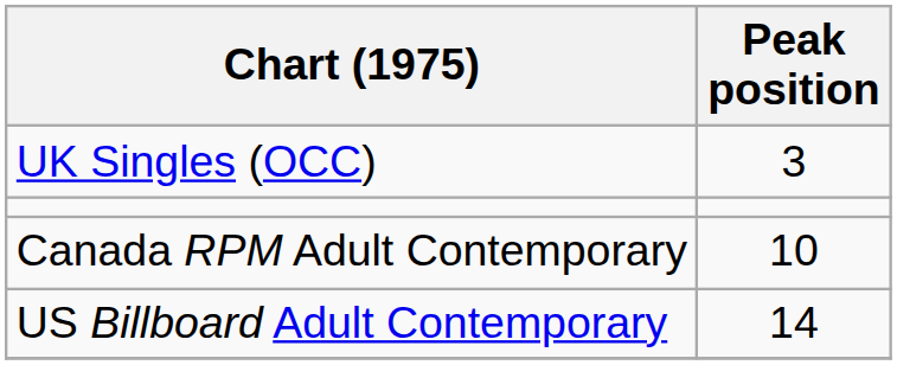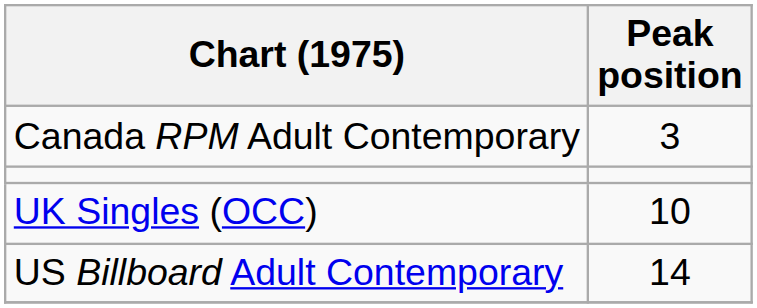 <table class="wikitable">
 <tr>
 <th>Chart (1975)</th>
 <th>Peak<br>position</th>
 </tr>
 <tr>
-<td><a href='#'>UK Singles</a> (<a href='#'>OCC</a>)</td>
+<td>Canada <em>RPM</em> Adult Contemporary</td>
 <td style="text-align:center;">3</td>
 </tr>
 <tr>
 <td></td>
 </tr>
 <tr>
-<td>Canada <em>RPM</em> Adult Contemporary</td>
+<td><a href='#'>UK Singles</a> (<a href='#'>OCC</a>)</td>
 <td style="text-align:center;">10</td>
 </tr>
 <tr>
 <td>US <em>Billboard</em> <a href='#'>Adult Contemporary</a></td>
 <td style="text-align:center;">14</td>
 </tr>
 <tr>
 </tr>
 </table>
